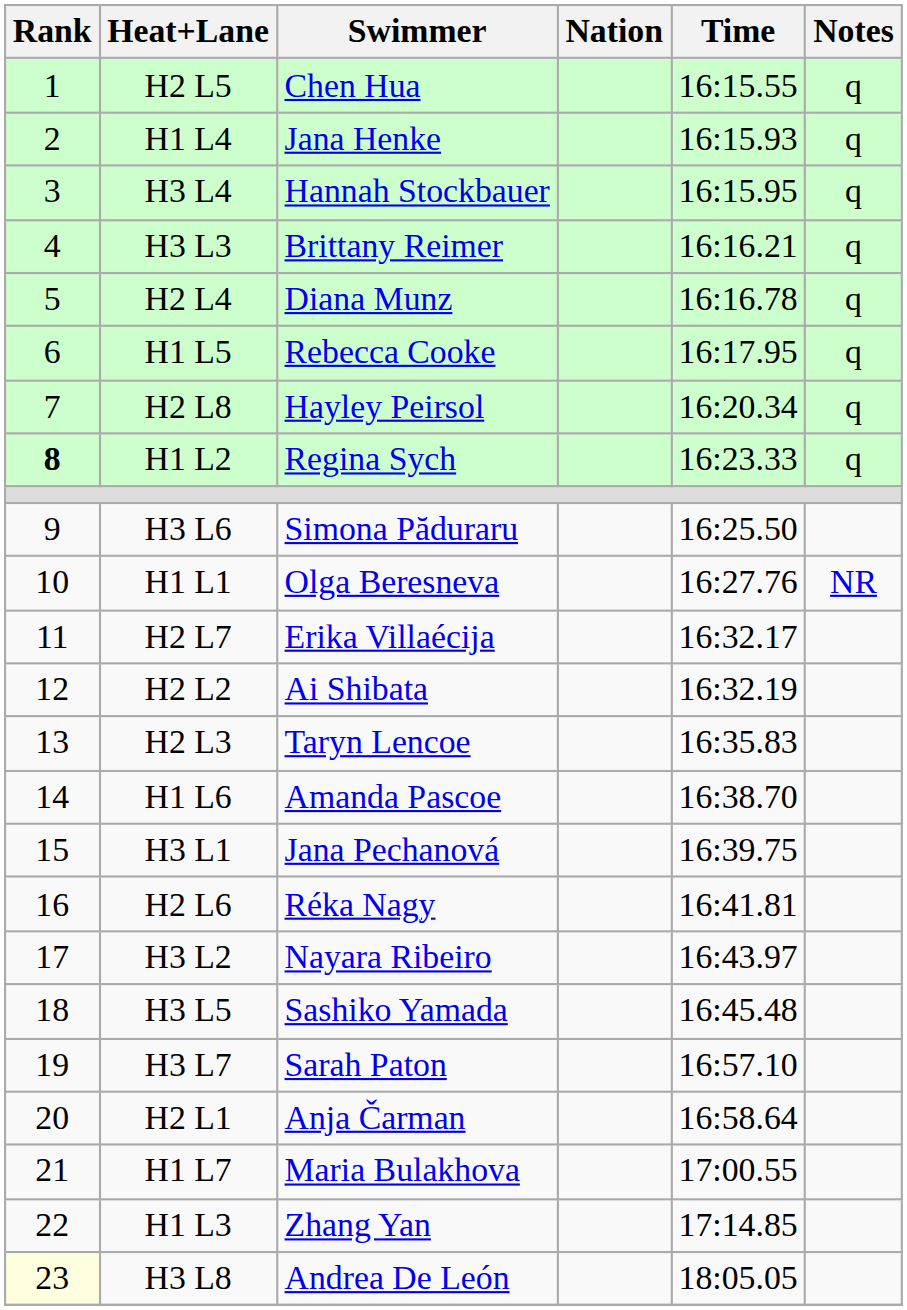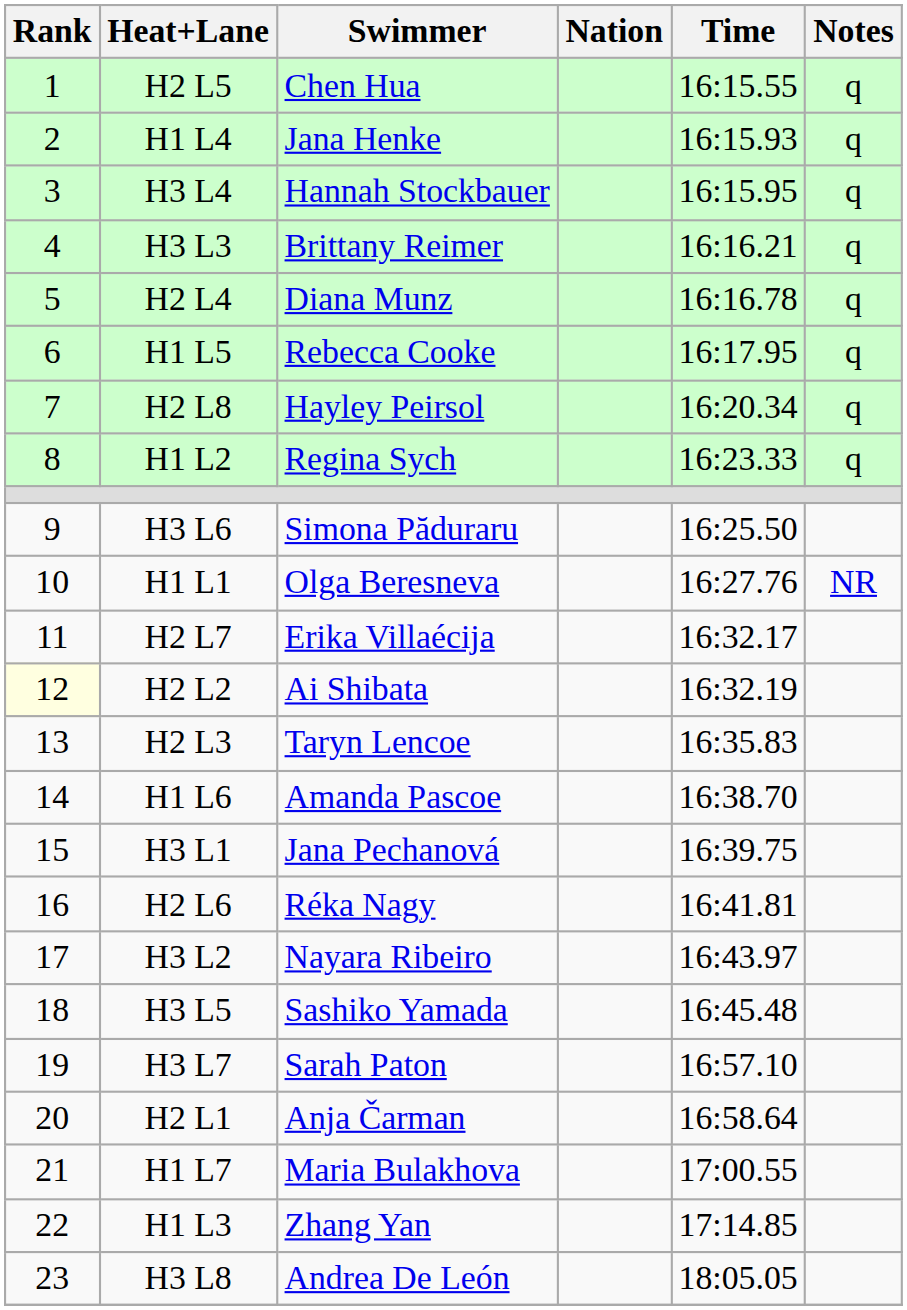 <table class="wikitable sortable" style="text-align:center">
 <tr>
 <th>Rank</th>
 <th>Heat+Lane</th>
 <th>Swimmer</th>
 <th>Nation</th>
 <th>Time</th>
 <th>Notes</th>
 </tr>
 <tr bgcolor=ccffcc>
 <td>1</td>
 <td>H2 L5</td>
 <td align=left><a href='#'>Chen Hua</a></td>
 <td align=left></td>
 <td>16:15.55</td>
 <td>q</td>
 </tr>
 <tr bgcolor=ccffcc>
 <td>2</td>
 <td>H1 L4</td>
 <td align=left><a href='#'>Jana Henke</a></td>
 <td align=left></td>
 <td>16:15.93</td>
 <td>q</td>
 </tr>
 <tr bgcolor=ccffcc>
 <td>3</td>
 <td>H3 L4</td>
 <td align=left><a href='#'>Hannah Stockbauer</a></td>
 <td align=left></td>
 <td>16:15.95</td>
 <td>q</td>
 </tr>
 <tr bgcolor=ccffcc>
 <td>4</td>
 <td>H3 L3</td>
 <td align=left><a href='#'>Brittany Reimer</a></td>
 <td align=left></td>
 <td>16:16.21</td>
 <td>q</td>
 </tr>
 <tr bgcolor=ccffcc>
 <td>5</td>
 <td>H2 L4</td>
 <td align=left><a href='#'>Diana Munz</a></td>
 <td align=left></td>
 <td>16:16.78</td>
 <td>q</td>
 </tr>
 <tr bgcolor=ccffcc>
 <td>6</td>
 <td>H1 L5</td>
 <td align=left><a href='#'>Rebecca Cooke</a></td>
 <td align=left></td>
 <td>16:17.95</td>
 <td>q</td>
 </tr>
 <tr bgcolor=ccffcc>
 <td>7</td>
 <td>H2 L8</td>
 <td align=left><a href='#'>Hayley Peirsol</a></td>
 <td align=left></td>
 <td>16:20.34</td>
 <td>q</td>
 </tr>
 <tr bgcolor=ccffcc>
-<td><strong>8</strong></td>
+<td>8</td>
 <td>H1 L2</td>
 <td align=left><a href='#'>Regina Sych</a></td>
 <td align=left></td>
 <td>16:23.33</td>
 <td>q</td>
 </tr>
 <tr bgcolor=#DDDDDD>
 <td colspan=6></td>
 </tr>
 <tr>
 <td>9</td>
 <td>H3 L6</td>
 <td align=left><a href='#'>Simona Păduraru</a></td>
 <td align=left></td>
 <td>16:25.50</td>
 <td></td>
 </tr>
 <tr>
 <td>10</td>
 <td>H1 L1</td>
 <td align=left><a href='#'>Olga Beresneva</a></td>
 <td align=left></td>
 <td>16:27.76</td>
 <td><a href='#'>NR</a></td>
 </tr>
 <tr>
 <td>11</td>
 <td>H2 L7</td>
 <td align=left><a href='#'>Erika Villaécija</a></td>
 <td align=left></td>
 <td>16:32.17</td>
 <td></td>
 </tr>
 <tr>
-<td>12</td>
+<td style="background: lightyellow;">12</td>
 <td>H2 L2</td>
 <td align=left><a href='#'>Ai Shibata</a></td>
 <td align=left></td>
 <td>16:32.19</td>
 <td></td>
 </tr>
 <tr>
 <td>13</td>
 <td>H2 L3</td>
 <td align=left><a href='#'>Taryn Lencoe</a></td>
 <td align=left></td>
 <td>16:35.83</td>
 <td></td>
 </tr>
 <tr>
 <td>14</td>
 <td>H1 L6</td>
 <td align=left><a href='#'>Amanda Pascoe</a></td>
 <td align=left></td>
 <td>16:38.70</td>
 <td></td>
 </tr>
 <tr>
 <td>15</td>
 <td>H3 L1</td>
 <td align=left><a href='#'>Jana Pechanová</a></td>
 <td align=left></td>
 <td>16:39.75</td>
 <td></td>
 </tr>
 <tr>
 <td>16</td>
 <td>H2 L6</td>
 <td align=left><a href='#'>Réka Nagy</a></td>
 <td align=left></td>
 <td>16:41.81</td>
 <td></td>
 </tr>
 <tr>
 <td>17</td>
 <td>H3 L2</td>
 <td align=left><a href='#'>Nayara Ribeiro</a></td>
 <td align=left></td>
 <td>16:43.97</td>
 <td></td>
 </tr>
 <tr>
 <td>18</td>
 <td>H3 L5</td>
 <td align=left><a href='#'>Sashiko Yamada</a></td>
 <td align=left></td>
 <td>16:45.48</td>
 <td></td>
 </tr>
 <tr>
 <td>19</td>
 <td>H3 L7</td>
 <td align=left><a href='#'>Sarah Paton</a></td>
 <td align=left></td>
 <td>16:57.10</td>
 <td></td>
 </tr>
 <tr>
 <td>20</td>
 <td>H2 L1</td>
 <td align=left><a href='#'>Anja Čarman</a></td>
 <td align=left></td>
 <td>16:58.64</td>
 <td></td>
 </tr>
 <tr>
 <td>21</td>
 <td>H1 L7</td>
 <td align=left><a href='#'>Maria Bulakhova</a></td>
 <td align=left></td>
 <td>17:00.55</td>
 <td></td>
 </tr>
 <tr>
 <td>22</td>
 <td>H1 L3</td>
 <td align=left><a href='#'>Zhang Yan</a></td>
 <td align=left></td>
 <td>17:14.85</td>
 <td></td>
 </tr>
 <tr>
-<td style="background: lightyellow;">23</td>
+<td>23</td>
 <td>H3 L8</td>
 <td align=left><a href='#'>Andrea De León</a></td>
 <td align=left></td>
 <td>18:05.05</td>
 <td></td>
 </tr>
 <tr>
 </tr>
 </table>
